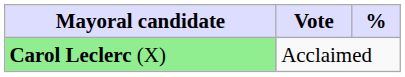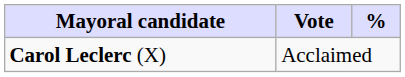 <table class="wikitable">
 <tr>
 <th style="background:#ddf;" width="200px">Mayoral candidate</th>
 <th style="background:#ddf;" width="50px">Vote</th>
 <th style="background:#ddf;" width="30px">%</th>
 </tr>
 <tr>
-<td style="background: lightgreen;"><strong>Carol Leclerc</strong> (X)</td>
+<td><strong>Carol Leclerc</strong> (X)</td>
 <td colspan="2">Acclaimed</td>
 </tr>
 </table>
